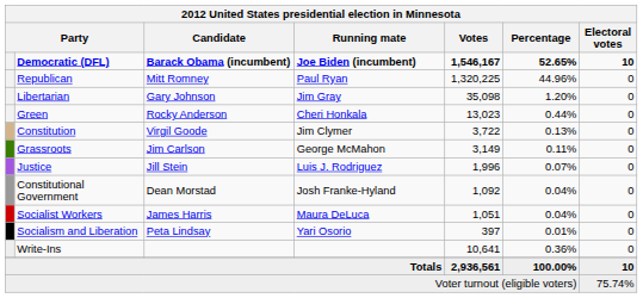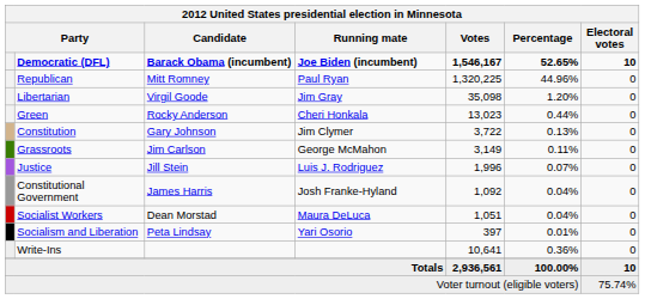 <table class="wikitable" style="font-size: 95%;">
 <tr>
 <th colspan="7">2012 United States presidential election in Minnesota</th>
 </tr>
 <tr>
 <th colspan="2" style="width: 15em">Party</th>
 <th style="width: 17em">Candidate</th>
 <th style="width: 17em">Running mate</th>
 <th style="width: 5em">Votes</th>
 <th style="width: 7em">Percentage</th>
 <th style="width: 5em">Electoral votes</th>
 </tr>
 <tr>
 <th style="background-color:"></th>
 <td style="width: 130px"><strong><a href='#'>Democratic (DFL)</a></strong></td>
 <td><strong><a href='#'>Barack Obama</a></strong> <strong>(incumbent)</strong></td>
 <td><strong><a href='#'>Joe Biden</a></strong> <strong>(incumbent)</strong></td>
 <td align="right"><strong>1,546,167</strong></td>
 <td align="right"><strong>52.65%</strong></td>
 <td align="right"><strong>10</strong></td>
 </tr>
 <tr>
 <th style="background-color:"></th>
 <td style="width: 130px"><a href='#'>Republican</a></td>
 <td><a href='#'>Mitt Romney</a></td>
 <td><a href='#'>Paul Ryan</a></td>
 <td align="right">1,320,225</td>
 <td align="right">44.96%</td>
 <td align="right">0</td>
 </tr>
 <tr>
 <th style="background-color:"></th>
 <td style="width: 130px"><a href='#'>Libertarian</a></td>
-<td><a href='#'>Gary Johnson</a></td>
+<td><a href='#'>Virgil Goode</a></td>
 <td><a href='#'>Jim Gray</a></td>
 <td align="right">35,098</td>
 <td align="right">1.20%</td>
 <td align="right">0</td>
 </tr>
 <tr>
 <th style="background-color:"></th>
 <td style="width: 130px"><a href='#'>Green</a></td>
 <td><a href='#'>Rocky Anderson</a></td>
 <td><a href='#'>Cheri Honkala</a></td>
 <td align="right">13,023</td>
 <td align="right">0.44%</td>
 <td align="right">0</td>
 </tr>
 <tr>
 <th style="background-color:#D2B48C; width: 3px"></th>
 <td style="width: 130px"><a href='#'>Constitution</a></td>
-<td><a href='#'>Virgil Goode</a></td>
+<td><a href='#'>Gary Johnson</a></td>
 <td>Jim Clymer</td>
 <td align="right">3,722</td>
 <td align="right">0.13%</td>
 <td align="right">0</td>
 </tr>
 <tr>
 <th style="background-color:#397D02; width: 3px"></th>
 <td style="width: 130px"><a href='#'>Grassroots</a></td>
 <td><a href='#'>Jim Carlson</a></td>
 <td>George McMahon</td>
 <td align="right">3,149</td>
 <td align="right">0.11%</td>
 <td align="right">0</td>
 </tr>
 <tr>
 <th style="background-color:#A356DE; width: 3px"></th>
 <td style="width: 130px"><a href='#'>Justice</a></td>
 <td><a href='#'>Jill Stein</a></td>
 <td><a href='#'>Luis J. Rodriguez</a></td>
 <td align="right">1,996</td>
 <td align="right">0.07%</td>
 <td align="right">0</td>
 </tr>
 <tr>
 <th style="background-color:#999999; width: 3px"></th>
 <td style="width: 130px">Constitutional Government</td>
-<td>Dean Morstad</td>
+<td><a href='#'>James Harris</a></td>
 <td>Josh Franke-Hyland</td>
 <td align="right">1,092</td>
 <td align="right">0.04%</td>
 <td align="right">0</td>
 </tr>
 <tr>
 <th style="background-color:#CC0000; width: 3px"></th>
 <td style="width: 130px"><a href='#'>Socialist Workers</a></td>
-<td><a href='#'>James Harris</a></td>
+<td>Dean Morstad</td>
 <td><a href='#'>Maura DeLuca</a></td>
 <td align="right">1,051</td>
 <td align="right">0.04%</td>
 <td align="right">0</td>
 </tr>
 <tr>
 <th style="background-color:black; width: 3px"></th>
 <td style="width: 130px"><a href='#'>Socialism and Liberation</a></td>
 <td><a href='#'>Peta Lindsay</a></td>
 <td><a href='#'>Yari Osorio</a></td>
 <td align="right">397</td>
 <td align="right">0.01%</td>
 <td align="right">0</td>
 </tr>
 <tr>
 <th style="background-color:#eeeeee; width: 3px"></th>
 <td style="width: 130px">Write-Ins</td>
 <td></td>
 <td></td>
 <td align="right">10,641</td>
 <td align="right">0.36%</td>
 <td align="right">0</td>
 </tr>
 <tr>
 </tr>
 <tr bgcolor="#EEEEEE">
 <td colspan="4" align="right"><strong>Totals</strong></td>
 <td align="right"><strong>2,936,561</strong></td>
 <td align="right"><strong>100.00%</strong></td>
 <td align="right"><strong>10</strong></td>
 </tr>
 <tr bgcolor="#EEEEEE">
 <td colspan="6" align="right">Voter turnout (eligible voters)</td>
 <td colspan="1" align="right">75.74%</td>
 </tr>
 </table>
